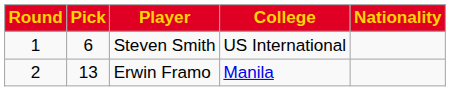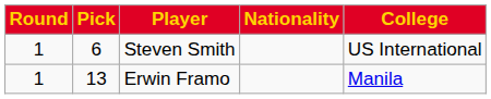 <table class="wikitable sortable sortable">
 <tr>
 <th style="background:#E00024; color:#FDD501; ">Round</th>
 <th style="background:#E00024; color:#FDD501; ">Pick</th>
 <th style="background:#E00024; color:#FDD501; ">Player</th>
+<th style="background:#E00024; color:#FDD501; ">Nationality</th>
 <th style="background:#E00024; color:#FDD501; ">College</th>
-<th style="background:#E00024; color:#FDD501; ">Nationality</th>
 </tr>
 <tr>
 <td align="center">1</td>
 <td align="center">6</td>
 <td>Steven Smith</td>
+<td></td>
 <td>US International</td>
-<td></td>
 </tr>
 <tr>
-<td align="center">2</td>
+<td align="center">1</td>
 <td align="center">13</td>
 <td>Erwin Framo</td>
+<td></td>
 <td><a href='#'>Manila</a></td>
-<td></td>
 </tr>
 </table>
